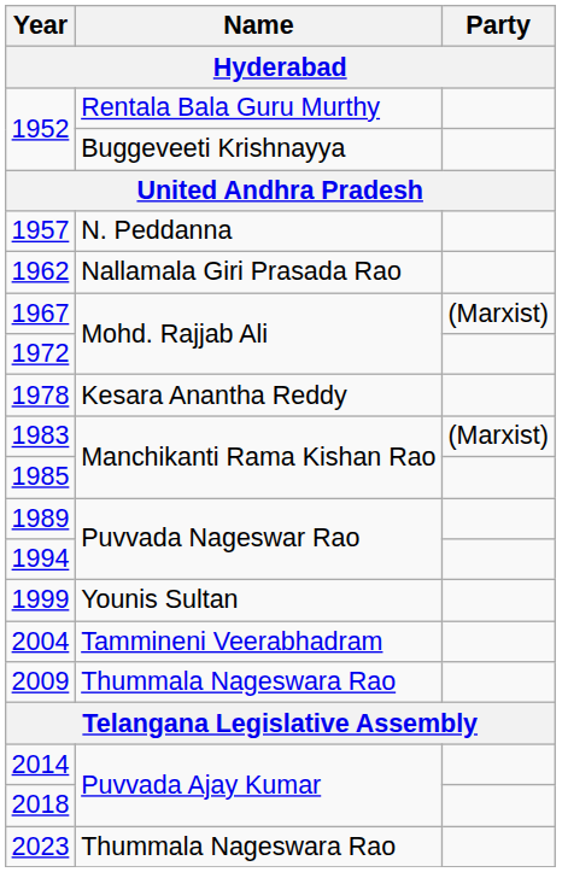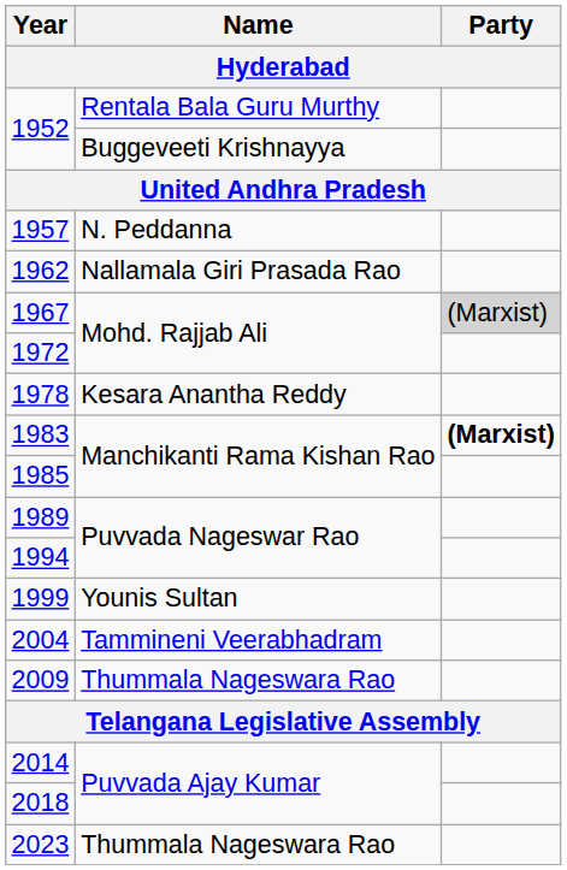 <table class="wikitable">
 <tr>
 <th>Year</th>
 <th>Name</th>
 <th colspan=2>Party</th>
 </tr>
 <tr>
 <th colspan=4><a href='#'>Hyderabad</a></th>
 </tr>
 <tr>
 <td rowspan="2"><a href='#'>1952</a></td>
 <td><a href='#'>Rentala Bala Guru Murthy</a></td>
 <td></td>
 </tr>
 <tr>
 <td>Buggeveeti Krishnayya</td>
 </tr>
 <tr>
 <th colspan=4><a href='#'>United Andhra Pradesh</a></th>
 </tr>
 <tr>
 <td><a href='#'>1957</a></td>
 <td>N. Peddanna</td>
 <td></td>
 </tr>
 <tr>
 <td><a href='#'>1962</a></td>
 <td>Nallamala Giri Prasada Rao</td>
 <td></td>
 </tr>
 <tr>
 <td><a href='#'>1967</a></td>
 <td rowspan="2">Mohd. Rajjab Ali</td>
-<td>(Marxist)</td>
+<td style="background: lightgrey;">(Marxist)</td>
 </tr>
 <tr>
 <td><a href='#'>1972</a></td>
 <td></td>
 </tr>
 <tr>
 <td><a href='#'>1978</a></td>
 <td>Kesara Anantha Reddy</td>
 <td></td>
 </tr>
 <tr>
 <td><a href='#'>1983</a></td>
 <td rowspan="2">Manchikanti Rama Kishan Rao</td>
-<td>(Marxist)</td>
+<td><strong>(Marxist)</strong></td>
 </tr>
 <tr>
 <td><a href='#'>1985</a></td>
 </tr>
 <tr>
 <td><a href='#'>1989</a></td>
 <td rowspan="2">Puvvada Nageswar Rao</td>
 <td></td>
 </tr>
 <tr>
 <td><a href='#'>1994</a></td>
 </tr>
 <tr>
 <td><a href='#'>1999</a></td>
 <td>Younis Sultan</td>
 <td></td>
 </tr>
 <tr>
 <td><a href='#'>2004</a></td>
 <td><a href='#'>Tammineni Veerabhadram</a></td>
 <td></td>
 </tr>
 <tr>
 <td><a href='#'>2009</a></td>
 <td><a href='#'>Thummala Nageswara Rao</a></td>
 <td></td>
 </tr>
 <tr>
 <th colspan=4><a href='#'>Telangana Legislative Assembly</a></th>
 </tr>
 <tr>
 <td><a href='#'>2014</a></td>
 <td rowspan="2"><a href='#'>Puvvada Ajay Kumar</a></td>
 <td></td>
 </tr>
 <tr>
 <td><a href='#'>2018</a></td>
 <td></td>
 </tr>
 <tr>
 <td><a href='#'>2023</a></td>
 <td rowspan="2">Thummala Nageswara Rao</td>
 <td></td>
 </tr>
 <tr>
 </tr>
 </table>
